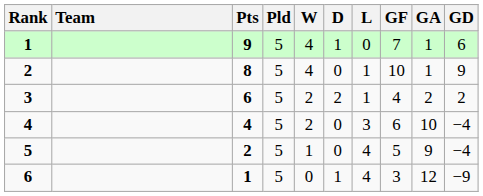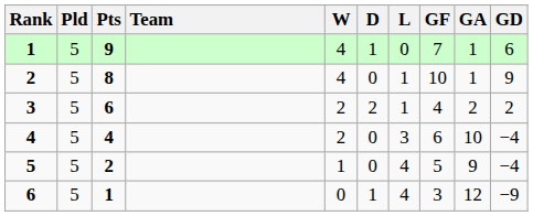 <table class="wikitable" style="text-align: center;">
 <tr>
 <th width=30>Rank</th>
+<th width=20>Pld</th>
+<th width=20>Pts</th>
 <th width=165 style="text-align:left;">Team</th>
-<th width=20>Pts</th>
-<th width=20>Pld</th>
 <th width=20>W</th>
 <th width=20>D</th>
 <th width=20>L</th>
 <th width=20>GF</th>
 <th width=20>GA</th>
 <th width=20>GD</th>
 </tr>
 <tr style="background:#ccffcc;">
 <td><strong>1</strong></td>
+<td>5</td>
+<td><strong>9</strong></td>
 <td style="text-align:left;"></td>
-<td><strong>9</strong></td>
-<td>5</td>
 <td>4</td>
 <td>1</td>
 <td>0</td>
 <td>7</td>
 <td>1</td>
 <td>6</td>
 </tr>
 <tr>
 <td><strong>2</strong></td>
+<td>5</td>
+<td><strong>8</strong></td>
 <td style="text-align:left;"></td>
-<td><strong>8</strong></td>
-<td>5</td>
 <td>4</td>
 <td>0</td>
 <td>1</td>
 <td>10</td>
 <td>1</td>
 <td>9</td>
 </tr>
 <tr>
 <td><strong>3</strong></td>
+<td>5</td>
+<td><strong>6</strong></td>
 <td style="text-align:left;"></td>
-<td><strong>6</strong></td>
-<td>5</td>
 <td>2</td>
 <td>2</td>
 <td>1</td>
 <td>4</td>
 <td>2</td>
 <td>2</td>
 </tr>
 <tr>
 <td><strong>4</strong></td>
+<td>5</td>
+<td><strong>4</strong></td>
 <td style="text-align:left;"></td>
-<td><strong>4</strong></td>
-<td>5</td>
 <td>2</td>
 <td>0</td>
 <td>3</td>
 <td>6</td>
 <td>10</td>
 <td>−4</td>
 </tr>
 <tr>
 <td><strong>5</strong></td>
+<td>5</td>
+<td><strong>2</strong></td>
 <td style="text-align:left;"></td>
-<td><strong>2</strong></td>
-<td>5</td>
 <td>1</td>
 <td>0</td>
 <td>4</td>
 <td>5</td>
 <td>9</td>
 <td>−4</td>
 </tr>
 <tr>
 <td><strong>6</strong></td>
+<td>5</td>
+<td><strong>1</strong></td>
 <td style="text-align:left;"></td>
-<td><strong>1</strong></td>
-<td>5</td>
 <td>0</td>
 <td>1</td>
 <td>4</td>
 <td>3</td>
 <td>12</td>
 <td>−9</td>
 </tr>
 </table>
